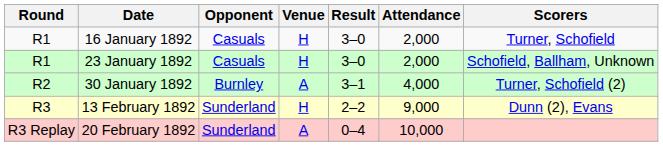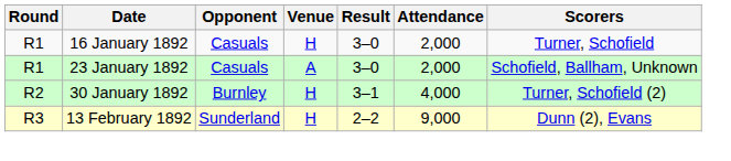 <table class="wikitable" style="font-size:100%; text-align:center">
 <tr>
 <th>Round</th>
 <th>Date</th>
 <th>Opponent</th>
 <th>Venue</th>
 <th>Result</th>
 <th>Attendance</th>
 <th>Scorers</th>
 </tr>
 <tr style="background-color:">
 <td>R1</td>
 <td>16 January 1892</td>
 <td><a href='#'>Casuals</a></td>
 <td><a href='#'>H</a></td>
 <td>3–0</td>
 <td>2,000</td>
 <td><a href='#'>Turner</a>, <a href='#'>Schofield</a></td>
 </tr>
 <tr style="background-color: #CCFFCC;">
 <td>R1</td>
 <td>23 January 1892</td>
 <td><a href='#'>Casuals</a></td>
-<td><a href='#'>H</a></td>
+<td><a href='#'>A</a></td>
 <td>3–0</td>
 <td>2,000</td>
 <td><a href='#'>Schofield</a>, <a href='#'>Ballham</a>, Unknown</td>
 </tr>
 <tr style="background-color: #CCFFCC;">
 <td>R2</td>
 <td>30 January 1892</td>
 <td><a href='#'>Burnley</a></td>
-<td><a href='#'>A</a></td>
+<td><a href='#'>H</a></td>
 <td>3–1</td>
 <td>4,000</td>
 <td><a href='#'>Turner</a>, <a href='#'>Schofield</a> (2)</td>
 </tr>
 <tr style="background-color: #FFFFCC;">
 <td>R3</td>
 <td>13 February 1892</td>
 <td><a href='#'>Sunderland</a></td>
 <td><a href='#'>H</a></td>
 <td>2–2</td>
 <td>9,000</td>
 <td><a href='#'>Dunn</a> (2), <a href='#'>Evans</a></td>
 </tr>
-<tr style="background-color: #FFCCCC;">
-<td>R3 Replay</td>
-<td>20 February 1892</td>
-<td><a href='#'>Sunderland</a></td>
-<td><a href='#'>A</a></td>
-<td>0–4</td>
-<td>10,000</td>
-<td></td>
-</tr>
 </table>
